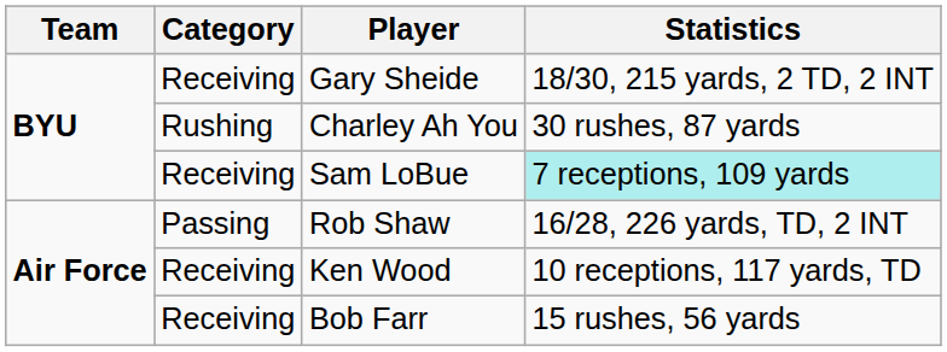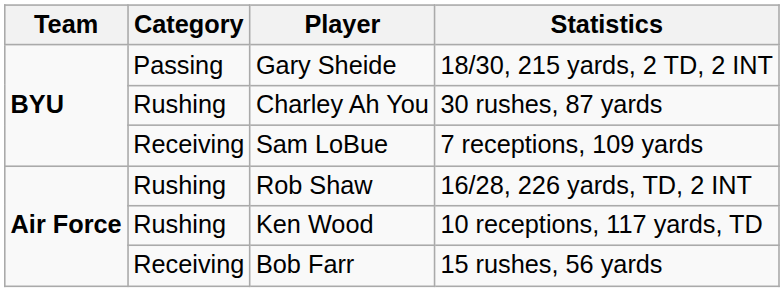 <table class="wikitable" style="float: left;">
 <tr>
 <th>Team</th>
 <th>Category</th>
 <th>Player</th>
 <th>Statistics</th>
 </tr>
 <tr>
 <td rowspan=3><strong>BYU</strong></td>
-<td>Receiving</td>
+<td>Passing</td>
 <td>Gary Sheide</td>
 <td>18/30, 215 yards, 2 TD, 2 INT</td>
 </tr>
 <tr>
 <td>Rushing</td>
 <td>Charley Ah You</td>
 <td>30 rushes, 87 yards</td>
 </tr>
 <tr>
 <td>Receiving</td>
 <td>Sam LoBue</td>
-<td style="background: paleturquoise;">7 receptions, 109 yards</td>
+<td>7 receptions, 109 yards</td>
 </tr>
 <tr>
 <td rowspan=3><strong>Air Force</strong></td>
-<td>Passing</td>
+<td>Rushing</td>
 <td>Rob Shaw</td>
 <td>16/28, 226 yards, TD, 2 INT</td>
 </tr>
 <tr>
-<td>Receiving</td>
+<td>Rushing</td>
 <td>Ken Wood</td>
 <td>10 receptions, 117 yards, TD</td>
 </tr>
 <tr>
 <td>Receiving</td>
 <td>Bob Farr</td>
 <td>15 rushes, 56 yards</td>
 </tr>
 </table>
